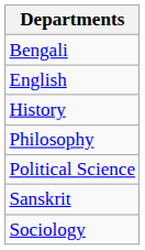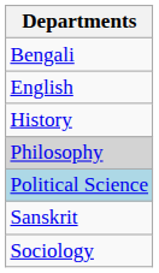 <table class="wikitable sortable">
 <tr>
 <th>Departments</th>
 </tr>
 <tr>
 <td><a href='#'>Bengali</a></td>
 </tr>
 <tr>
 <td><a href='#'>English</a></td>
 </tr>
 <tr>
 <td><a href='#'>History</a></td>
 </tr>
 <tr>
-<td><a href='#'>Philosophy</a></td>
+<td style="background: lightgrey;"><a href='#'>Philosophy</a></td>
 </tr>
 <tr>
-<td><a href='#'>Political Science</a></td>
+<td style="background: lightblue;"><a href='#'>Political Science</a></td>
 </tr>
 <tr>
 <td><a href='#'>Sanskrit</a></td>
 </tr>
 <tr>
 <td><a href='#'>Sociology</a></td>
 </tr>
 </table>
